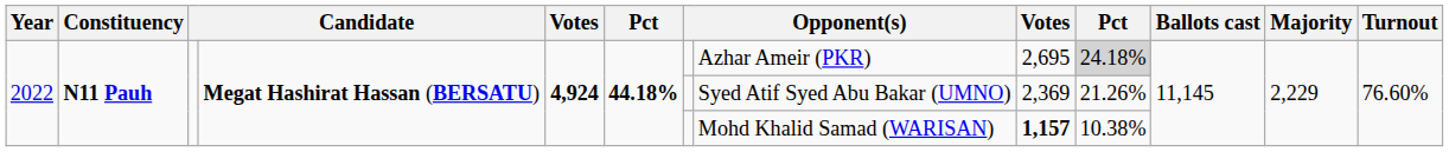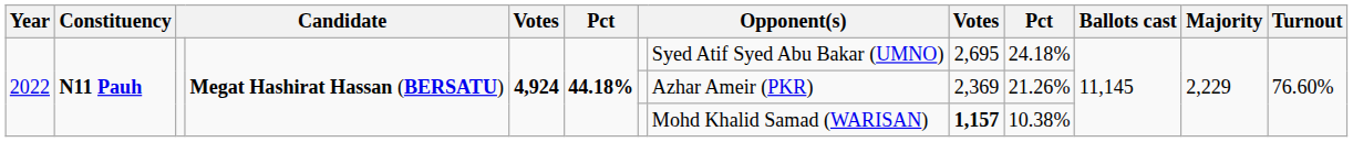 <table class="wikitable" style="margin:0.5em ; font-size:95%">
 <tr>
 <th>Year</th>
 <th>Constituency</th>
 <th colspan="2">Candidate</th>
 <th>Votes</th>
 <th>Pct</th>
 <th colspan="2">Opponent(s)</th>
 <th>Votes</th>
 <th>Pct</th>
 <th>Ballots cast</th>
 <th>Majority</th>
 <th>Turnout</th>
 </tr>
 <tr>
 <td rowspan="3"><a href='#'>2022</a></td>
 <td rowspan="3"><strong>N11 <a href='#'>Pauh</a></strong></td>
 <td rowspan="3" bgcolor=></td>
 <td rowspan="3"><strong>Megat Hashirat Hassan</strong> (<a href='#'><strong>BERSATU</strong></a>)</td>
 <td rowspan="3" align="right"><strong>4,924</strong></td>
 <td rowspan="3" align="right"><strong>44.18%</strong></td>
 <td></td>
-<td>Azhar Ameir (<a href='#'>PKR</a>)</td>
+<td>Syed Atif Syed Abu Bakar (<a href='#'>UMNO</a>)</td>
 <td align="right">2,695</td>
-<td align="right" style="background: lightgrey;">24.18%</td>
+<td align="right">24.18%</td>
 <td rowspan="3">11,145</td>
 <td rowspan="3">2,229</td>
 <td rowspan="3">76.60%</td>
 </tr>
 <tr>
 <td></td>
-<td>Syed Atif Syed Abu Bakar (<a href='#'>UMNO</a>)</td>
+<td>Azhar Ameir (<a href='#'>PKR</a>)</td>
 <td align="right">2,369</td>
 <td align="right">21.26%</td>
 </tr>
 <tr>
 <td></td>
 <td>Mohd Khalid Samad (<a href='#'>WARISAN</a>)</td>
 <td align="right"><strong>1,157</strong></td>
 <td align="right">10.38%</td>
 </tr>
 </table>
